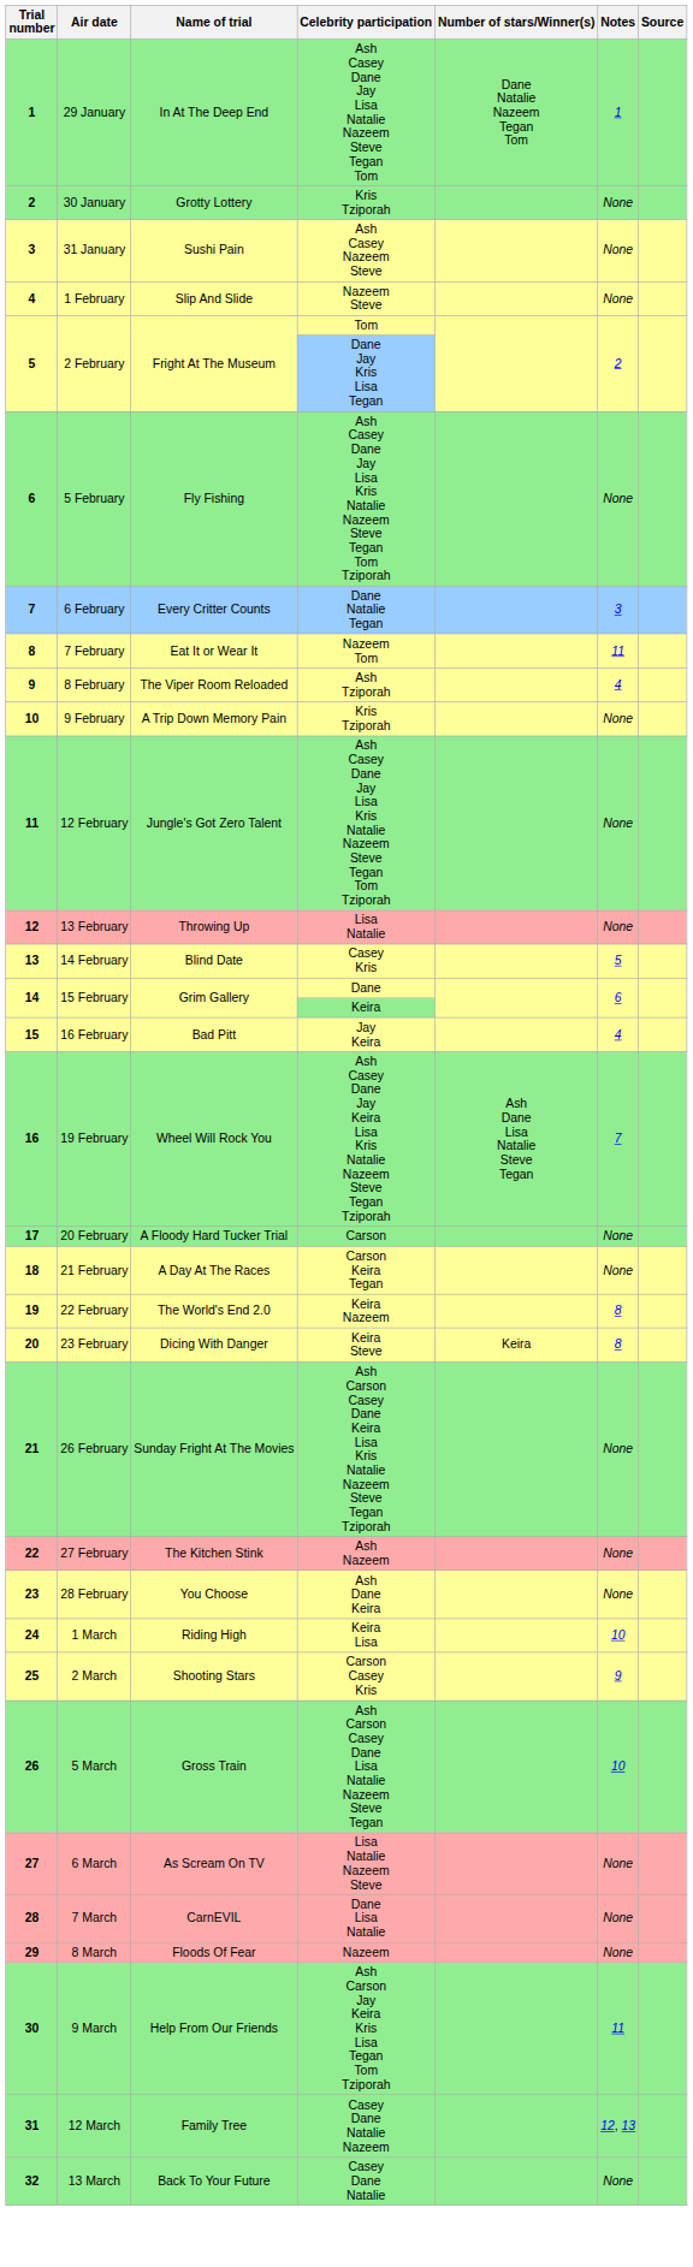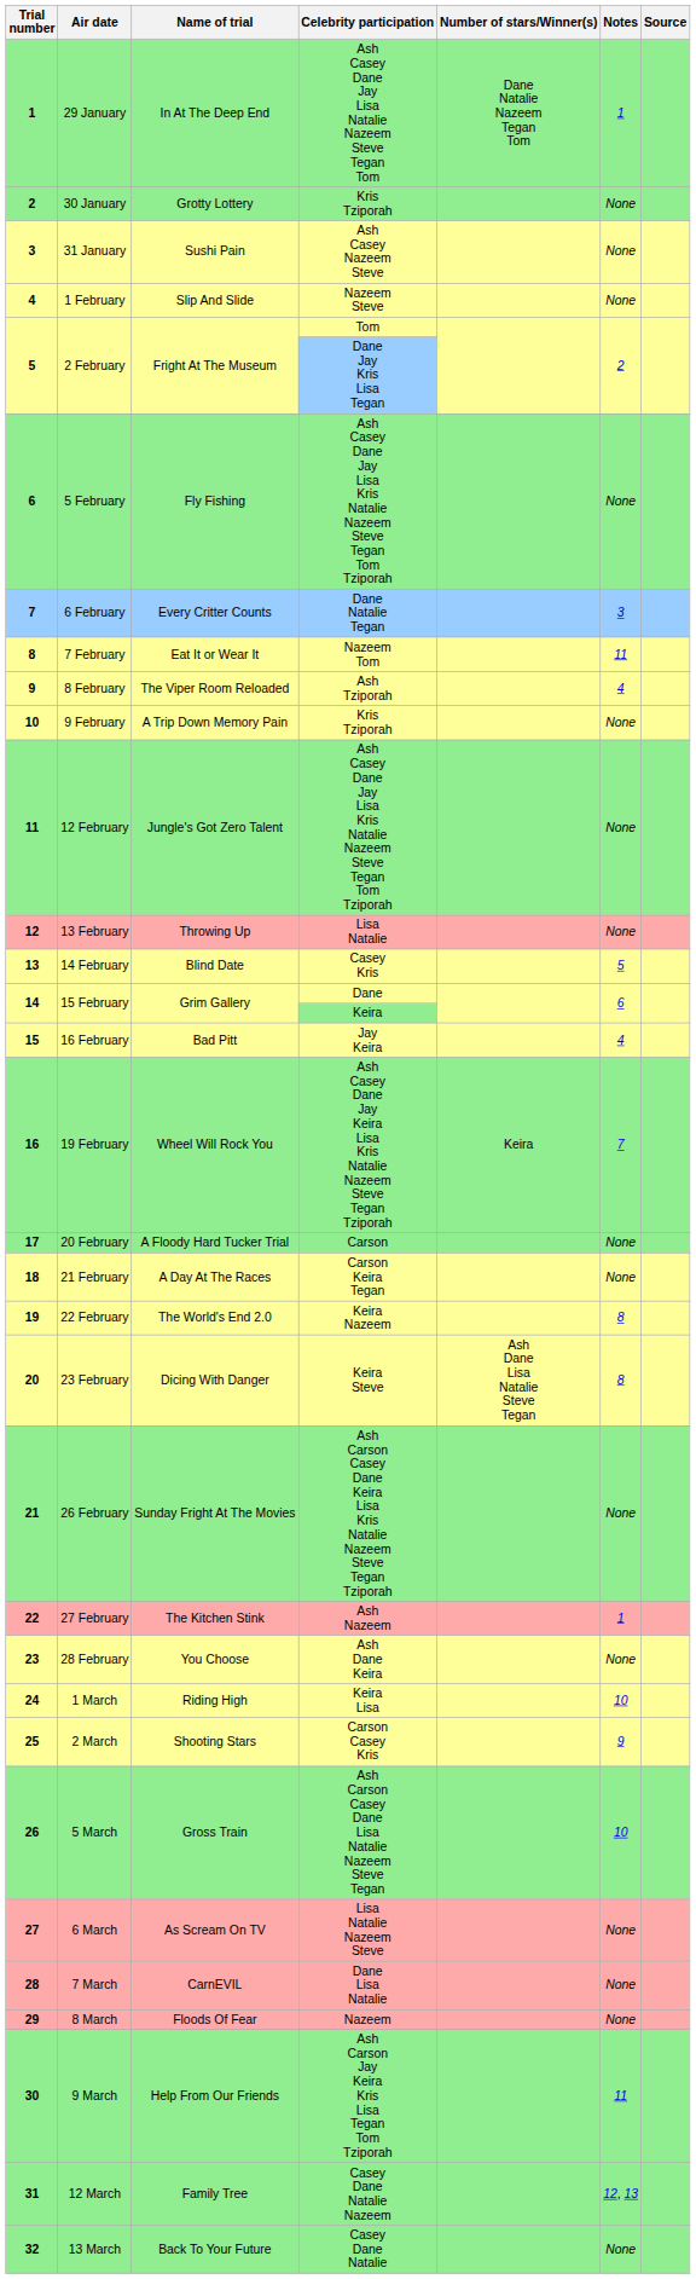 <table class="wikitable" style="margin:auto; text-align:center;">
 <tr>
 <th scope="col">Trial<br>number</th>
 <th scope="col">Air date</th>
 <th scope="col">Name of trial</th>
 <th scope="col">Celebrity participation</th>
 <th scope="col">Number of stars/Winner(s)</th>
 <th scope="col">Notes</th>
 <th scope="col">Source</th>
 </tr>
 <tr style="background:lightgreen">
 <td><strong>1</strong></td>
 <td>29 January</td>
 <td>In At The Deep End</td>
 <td>Ash<br>Casey<br>Dane<br>Jay<br>Lisa<br>Natalie<br>Nazeem<br>Steve<br>Tegan<br>Tom</td>
 <td>Dane<br>Natalie<br>Nazeem<br>Tegan<br>Tom</td>
 <td><em><a href='#'>1</a></em></td>
 <td></td>
 </tr>
 <tr style="background:lightgreen">
 <td><strong>2</strong></td>
 <td>30 January</td>
 <td>Grotty Lottery</td>
 <td>Kris<br>Tziporah</td>
 <td></td>
 <td><em>None</em></td>
 <td></td>
 </tr>
 <tr style="background:#FFFF99">
 <td><strong>3</strong></td>
 <td>31 January</td>
 <td>Sushi Pain</td>
 <td>Ash<br>Casey<br>Nazeem<br>Steve</td>
 <td></td>
 <td><em>None</em></td>
 <td></td>
 </tr>
 <tr style="background:#FFFF99">
 <td><strong>4</strong></td>
 <td>1 February</td>
 <td>Slip And Slide</td>
 <td>Nazeem<br>Steve</td>
 <td></td>
 <td><em>None</em></td>
 <td></td>
 </tr>
 <tr style="background:#FFFF99">
 <td rowspan="2"><strong>5</strong></td>
 <td rowspan="2">2 February</td>
 <td rowspan="2">Fright At The Museum</td>
 <td>Tom</td>
 <td rowspan="2"></td>
 <td rowspan="2"><em><a href='#'>2</a></em></td>
 <td rowspan="2"></td>
 </tr>
 <tr style="background:#99CCFF">
 <td>Dane<br>Jay<br>Kris<br>Lisa<br>Tegan</td>
 </tr>
 <tr style="background:lightgreen">
 <td><strong>6</strong></td>
 <td>5 February</td>
 <td>Fly Fishing</td>
 <td>Ash<br>Casey<br>Dane<br>Jay<br>Lisa<br>Kris<br>Natalie<br>Nazeem<br>Steve<br>Tegan<br>Tom<br>Tziporah</td>
 <td></td>
 <td><em>None</em></td>
 <td></td>
 </tr>
 <tr style="background:#99CCFF">
 <td><strong>7</strong></td>
 <td>6 February</td>
 <td>Every Critter Counts</td>
 <td>Dane<br>Natalie<br>Tegan</td>
 <td></td>
 <td><em><a href='#'>3</a></em></td>
 <td></td>
 </tr>
 <tr style="background:#FFFF99">
 <td><strong>8</strong></td>
 <td>7 February</td>
 <td>Eat It or Wear It</td>
 <td>Nazeem<br>Tom</td>
 <td></td>
 <td><em><a href='#'>11</a></em></td>
 <td></td>
 </tr>
 <tr style="background:#FFFF99">
 <td><strong>9</strong></td>
 <td>8 February</td>
 <td>The Viper Room Reloaded</td>
 <td>Ash<br>Tziporah</td>
 <td></td>
 <td><em><a href='#'>4</a></em></td>
 <td></td>
 </tr>
 <tr style="background:#FFFF99">
 <td><strong>10</strong></td>
 <td>9 February</td>
 <td>A Trip Down Memory Pain</td>
 <td>Kris<br>Tziporah</td>
 <td></td>
 <td><em>None</em></td>
 <td></td>
 </tr>
 <tr style="background:lightgreen">
 <td><strong>11</strong></td>
 <td>12 February</td>
 <td>Jungle's Got Zero Talent</td>
 <td>Ash<br>Casey<br>Dane<br>Jay<br>Lisa<br>Kris<br>Natalie<br>Nazeem<br>Steve<br>Tegan<br>Tom<br>Tziporah</td>
 <td></td>
 <td><em>None</em></td>
 <td></td>
 </tr>
 <tr style="background:#ffaaaa">
 <td><strong>12</strong></td>
 <td>13 February</td>
 <td>Throwing Up</td>
 <td>Lisa<br>Natalie</td>
 <td></td>
 <td><em>None</em></td>
 <td></td>
 </tr>
 <tr style="background:#FFFF99">
 <td><strong>13</strong></td>
 <td>14 February</td>
 <td>Blind Date</td>
 <td>Casey<br>Kris</td>
 <td></td>
 <td><em><a href='#'>5</a></em></td>
 <td></td>
 </tr>
 <tr style="background:#FFFF99">
 <td rowspan="2"><strong>14</strong></td>
 <td rowspan="2">15 February</td>
 <td rowspan="2">Grim Gallery</td>
 <td>Dane</td>
 <td rowspan="2"></td>
 <td rowspan="2"><em><a href='#'>6</a></em></td>
 <td rowspan="2"></td>
 </tr>
 <tr style="background:lightgreen">
 <td>Keira</td>
 </tr>
 <tr style="background:#FFFF99">
 <td><strong>15</strong></td>
 <td>16 February</td>
 <td>Bad Pitt</td>
 <td>Jay<br>Keira</td>
 <td></td>
 <td><em><a href='#'>4</a></em></td>
 <td></td>
 </tr>
 <tr style="background:lightgreen">
 <td><strong>16</strong></td>
 <td>19 February</td>
 <td>Wheel Will Rock You</td>
 <td>Ash<br>Casey<br>Dane<br>Jay<br>Keira<br>Lisa<br>Kris<br>Natalie<br>Nazeem<br>Steve<br>Tegan<br>Tziporah</td>
-<td>Ash<br>Dane<br>Lisa<br>Natalie<br>Steve<br>Tegan</td>
+<td>Keira</td>
 <td><em><a href='#'>7</a></em></td>
 <td></td>
 </tr>
 <tr style="background:lightgreen">
 <td><strong>17</strong></td>
 <td>20 February</td>
 <td>A Floody Hard Tucker Trial</td>
 <td>Carson</td>
 <td></td>
 <td><em>None</em></td>
 <td></td>
 </tr>
 <tr style="background:#FFFF99">
 <td><strong>18</strong></td>
 <td>21 February</td>
 <td>A Day At The Races</td>
 <td>Carson<br>Keira<br>Tegan</td>
 <td></td>
 <td><em>None</em></td>
 <td></td>
 </tr>
 <tr style="background:#FFFF99">
 <td><strong>19</strong></td>
 <td>22 February</td>
 <td>The World's End 2.0</td>
 <td>Keira<br>Nazeem</td>
 <td></td>
 <td><em><a href='#'>8</a></em></td>
 <td></td>
 </tr>
 <tr style="background:#FFFF99">
 <td><strong>20</strong></td>
 <td>23 February</td>
 <td>Dicing With Danger</td>
 <td>Keira<br>Steve</td>
-<td>Keira</td>
+<td>Ash<br>Dane<br>Lisa<br>Natalie<br>Steve<br>Tegan</td>
 <td><em><a href='#'>8</a></em></td>
 <td></td>
 </tr>
 <tr style="background:lightgreen">
 <td><strong>21</strong></td>
 <td>26 February</td>
 <td>Sunday Fright At The Movies</td>
 <td>Ash<br>Carson<br>Casey<br>Dane<br>Keira<br>Lisa<br>Kris<br>Natalie<br>Nazeem<br>Steve<br>Tegan<br>Tziporah</td>
 <td></td>
 <td><em>None</em></td>
 <td></td>
 </tr>
 <tr style="background:#ffaaaa">
 <td><strong>22</strong></td>
 <td>27 February</td>
 <td>The Kitchen Stink</td>
 <td>Ash<br>Nazeem</td>
 <td></td>
-<td><em>None</em></td>
+<td><em><a href='#'>1</a></em></td>
 <td></td>
 </tr>
 <tr style="background:#FFFF99">
 <td><strong>23</strong></td>
 <td>28 February</td>
 <td>You Choose</td>
 <td>Ash<br>Dane<br>Keira</td>
 <td></td>
 <td><em>None</em></td>
 <td></td>
 </tr>
 <tr style="background:#FFFF99">
 <td><strong>24</strong></td>
 <td>1 March</td>
 <td>Riding High</td>
 <td>Keira<br>Lisa</td>
 <td></td>
 <td><em><a href='#'>10</a></em></td>
 <td></td>
 </tr>
 <tr style="background:#FFFF99">
 <td><strong>25</strong></td>
 <td>2 March</td>
 <td>Shooting Stars</td>
 <td>Carson<br>Casey<br>Kris</td>
 <td></td>
 <td><em><a href='#'>9</a></em></td>
 <td></td>
 </tr>
 <tr style="background:lightgreen">
 <td><strong>26</strong></td>
 <td>5 March</td>
 <td>Gross Train</td>
 <td>Ash<br>Carson<br>Casey<br>Dane<br>Lisa<br>Natalie<br>Nazeem<br>Steve<br>Tegan</td>
 <td></td>
 <td><em><a href='#'>10</a></em></td>
 <td></td>
 </tr>
 <tr style="background:#ffaaaa">
 <td><strong>27</strong></td>
 <td>6 March</td>
 <td>As Scream On TV</td>
 <td>Lisa<br>Natalie<br>Nazeem<br>Steve</td>
 <td></td>
 <td><em>None</em></td>
 <td></td>
 </tr>
 <tr style="background:#ffaaaa">
 <td><strong>28</strong></td>
 <td>7 March</td>
 <td>CarnEVIL</td>
 <td>Dane<br>Lisa<br>Natalie</td>
 <td></td>
 <td><em>None</em></td>
 <td></td>
 </tr>
 <tr style="background:#ffaaaa">
 <td><strong>29</strong></td>
 <td>8 March</td>
 <td>Floods Of Fear</td>
 <td>Nazeem</td>
 <td></td>
 <td><em>None</em></td>
 <td></td>
 </tr>
 <tr style="background:lightgreen">
 <td><strong>30</strong></td>
 <td>9 March</td>
 <td>Help From Our Friends</td>
 <td>Ash<br>Carson<br>Jay<br>Keira<br>Kris<br>Lisa<br>Tegan<br>Tom<br>Tziporah</td>
 <td></td>
 <td><em><a href='#'>11</a></em></td>
 <td></td>
 </tr>
 <tr style="background:lightgreen">
 <td><strong>31</strong></td>
 <td>12 March</td>
 <td>Family Tree</td>
 <td>Casey<br>Dane<br>Natalie<br>Nazeem</td>
 <td></td>
 <td><em><a href='#'>12</a></em>, <em><a href='#'>13</a></em></td>
 <td></td>
 </tr>
 <tr style="background:lightgreen">
 <td><strong>32</strong></td>
 <td>13 March</td>
 <td>Back To Your Future</td>
 <td>Casey<br>Dane<br>Natalie</td>
 <td></td>
 <td><em>None</em></td>
 <td></td>
 </tr>
 </table>
